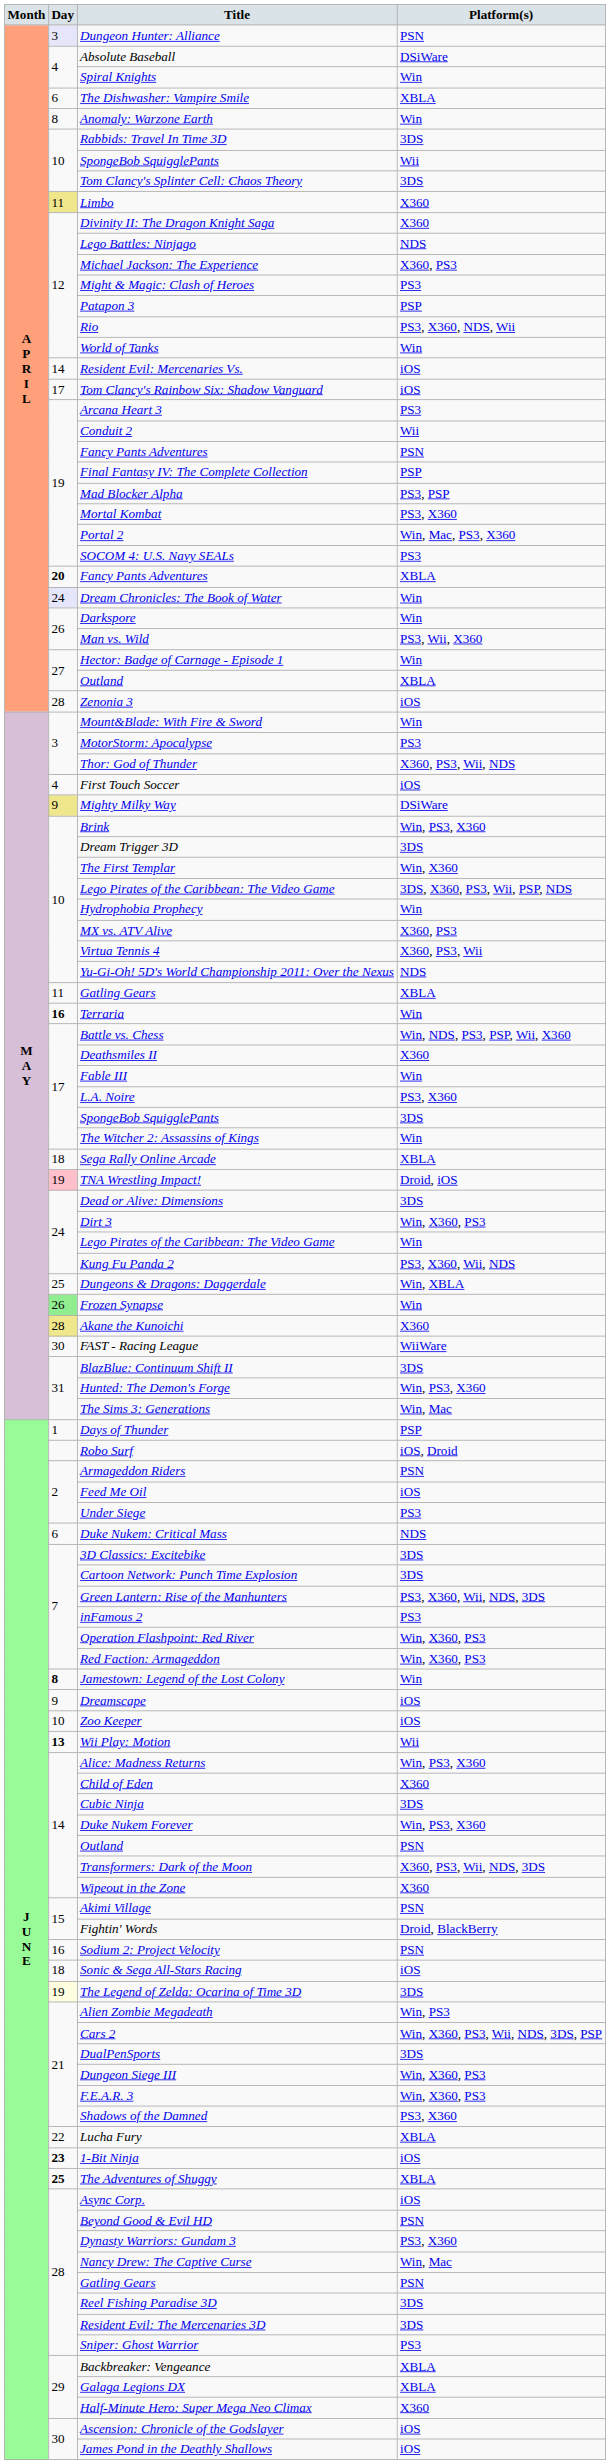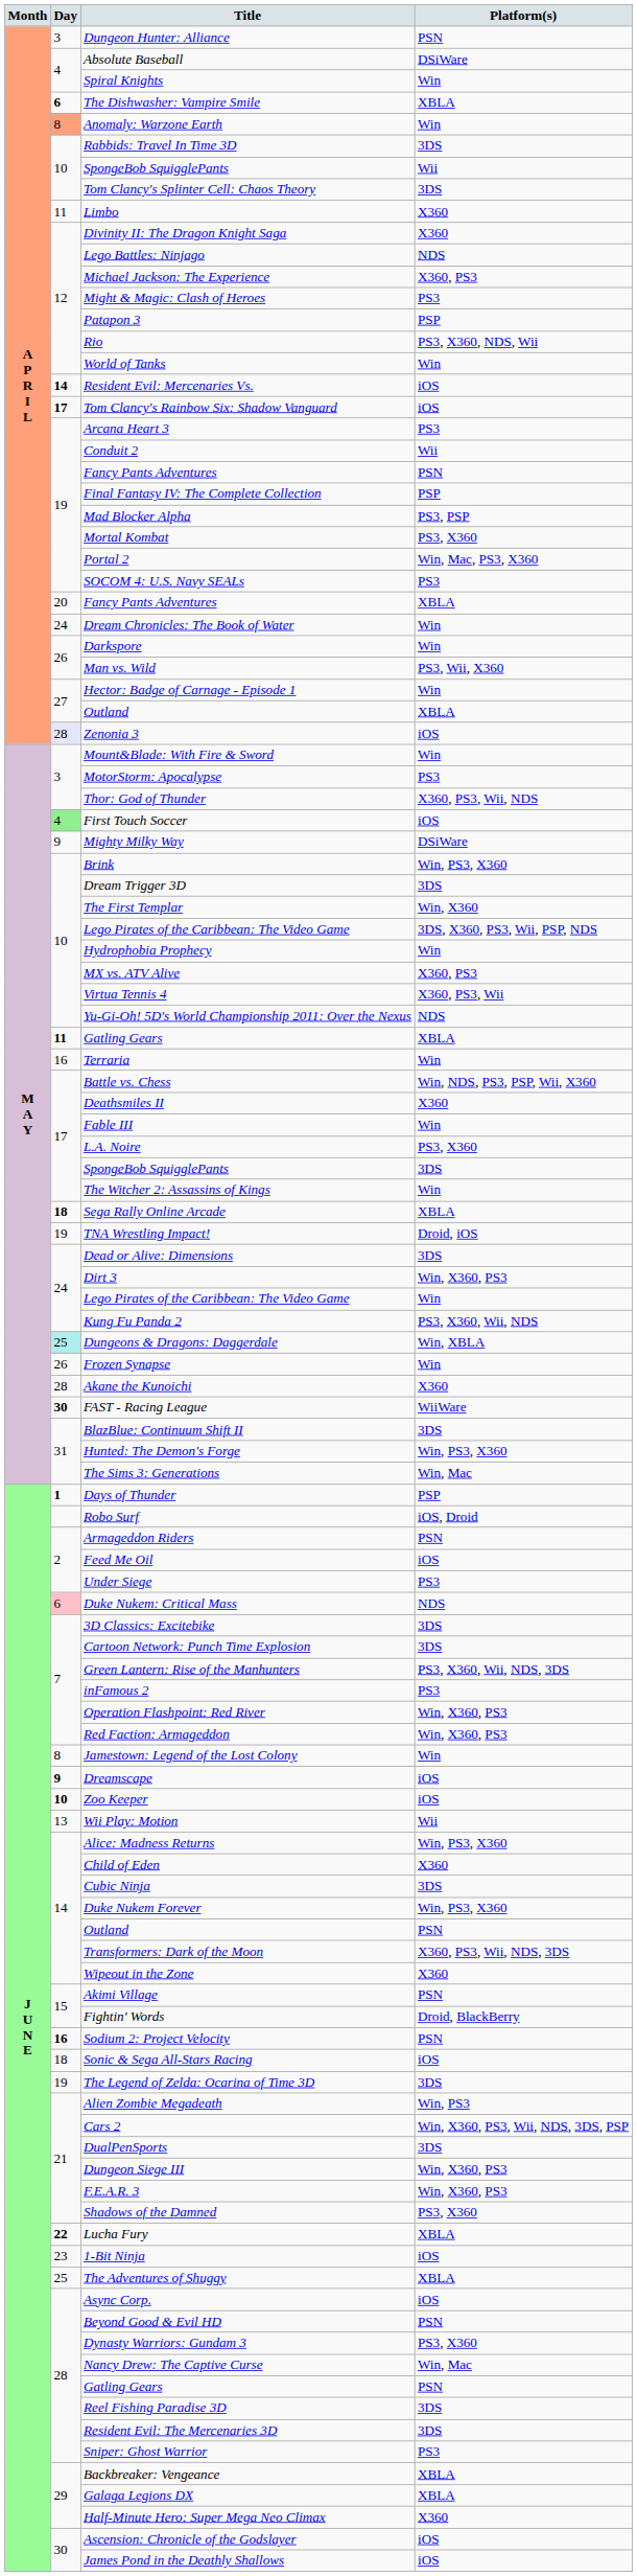 <table class="wikitable">
 <tr style="background:#dae3e7; text-align:center;">
 <td><strong>Month</strong></td>
 <td><strong>Day</strong></td>
 <td><strong>Title</strong></td>
 <td><strong>Platform(s)</strong></td>
 </tr>
 <tr>
 <td rowspan="33" style="text-align:center; background:#ffa07a; textcolor:#000;"><strong>A<br>P<br>R<br>I<br>L</strong></td>
-<td style="background: lavender;">3</td>
+<td>3</td>
 <td><em><a href='#'>Dungeon Hunter: Alliance</a></em></td>
 <td><a href='#'>PSN</a></td>
 </tr>
 <tr>
 <td rowspan="2">4</td>
 <td><em>Absolute Baseball</em></td>
 <td><a href='#'>DSiWare</a></td>
 </tr>
 <tr>
 <td><em><a href='#'>Spiral Knights</a></em></td>
 <td><a href='#'>Win</a></td>
 </tr>
 <tr>
-<td>6</td>
+<td><strong>6</strong></td>
 <td><em><a href='#'>The Dishwasher: Vampire Smile</a></em></td>
 <td><a href='#'>XBLA</a></td>
 </tr>
 <tr>
-<td>8</td>
+<td style="background: lightsalmon;">8</td>
 <td><em><a href='#'>Anomaly: Warzone Earth</a></em></td>
 <td><a href='#'>Win</a></td>
 </tr>
 <tr>
 <td rowspan="3">10</td>
 <td><em><a href='#'>Rabbids: Travel In Time 3D</a></em></td>
 <td><a href='#'>3DS</a></td>
 </tr>
 <tr>
 <td><em><a href='#'>SpongeBob SquigglePants</a></em></td>
 <td><a href='#'>Wii</a></td>
 </tr>
 <tr>
 <td><em><a href='#'>Tom Clancy's Splinter Cell: Chaos Theory</a></em></td>
 <td><a href='#'>3DS</a></td>
 </tr>
 <tr>
-<td style="background: khaki;">11</td>
+<td>11</td>
 <td><em><a href='#'>Limbo</a></em></td>
 <td><a href='#'>X360</a></td>
 </tr>
 <tr>
 <td rowspan="7">12</td>
 <td><em><a href='#'>Divinity II: The Dragon Knight Saga</a></em></td>
 <td><a href='#'>X360</a></td>
 </tr>
 <tr>
 <td><em><a href='#'>Lego Battles: Ninjago</a></em></td>
 <td><a href='#'>NDS</a></td>
 </tr>
 <tr>
 <td><em><a href='#'>Michael Jackson: The Experience</a></em></td>
 <td><a href='#'>X360</a>, <a href='#'>PS3</a></td>
 </tr>
 <tr>
 <td><em><a href='#'>Might & Magic: Clash of Heroes</a></em></td>
 <td><a href='#'>PS3</a></td>
 </tr>
 <tr>
 <td><em><a href='#'>Patapon 3</a></em></td>
 <td><a href='#'>PSP</a></td>
 </tr>
 <tr>
 <td><em><a href='#'>Rio</a></em></td>
 <td><a href='#'>PS3</a>, <a href='#'>X360</a>, <a href='#'>NDS</a>, <a href='#'>Wii</a></td>
 </tr>
 <tr>
 <td><em><a href='#'>World of Tanks</a></em></td>
 <td><a href='#'>Win</a></td>
 </tr>
 <tr>
-<td>14</td>
+<td><strong>14</strong></td>
 <td><em><a href='#'>Resident Evil: Mercenaries Vs.</a></em></td>
 <td><a href='#'>iOS</a></td>
 </tr>
 <tr>
-<td>17</td>
+<td><strong>17</strong></td>
 <td><em><a href='#'>Tom Clancy's Rainbow Six: Shadow Vanguard</a></em></td>
 <td><a href='#'>iOS</a></td>
 </tr>
 <tr>
 <td rowspan="8">19</td>
 <td><em><a href='#'>Arcana Heart 3</a></em></td>
 <td><a href='#'>PS3</a></td>
 </tr>
 <tr>
 <td><em><a href='#'>Conduit 2</a></em></td>
 <td><a href='#'>Wii</a></td>
 </tr>
 <tr>
 <td><em><a href='#'>Fancy Pants Adventures</a></em></td>
 <td><a href='#'>PSN</a></td>
 </tr>
 <tr>
 <td><em><a href='#'>Final Fantasy IV: The Complete Collection</a></em></td>
 <td><a href='#'>PSP</a></td>
 </tr>
 <tr>
 <td><em><a href='#'>Mad Blocker Alpha</a></em></td>
 <td><a href='#'>PS3</a>, <a href='#'>PSP</a></td>
 </tr>
 <tr>
 <td><em><a href='#'>Mortal Kombat</a></em></td>
 <td><a href='#'>PS3</a>, <a href='#'>X360</a></td>
 </tr>
 <tr>
 <td><em><a href='#'>Portal 2</a></em></td>
 <td><a href='#'>Win</a>, <a href='#'>Mac</a>, <a href='#'>PS3</a>, <a href='#'>X360</a></td>
 </tr>
 <tr>
 <td><em><a href='#'>SOCOM 4: U.S. Navy SEALs</a></em></td>
 <td><a href='#'>PS3</a></td>
 </tr>
 <tr>
-<td><strong>20</strong></td>
+<td>20</td>
 <td><em><a href='#'>Fancy Pants Adventures</a></em></td>
 <td><a href='#'>XBLA</a></td>
 </tr>
 <tr>
-<td style="background: lavender;">24</td>
+<td>24</td>
 <td><em><a href='#'>Dream Chronicles: The Book of Water</a></em></td>
 <td><a href='#'>Win</a></td>
 </tr>
 <tr>
 <td rowspan="2">26</td>
 <td><em><a href='#'>Darkspore</a></em></td>
 <td><a href='#'>Win</a></td>
 </tr>
 <tr>
 <td><em><a href='#'>Man vs. Wild</a></em></td>
 <td><a href='#'>PS3</a>, <a href='#'>Wii</a>, <a href='#'>X360</a></td>
 </tr>
 <tr>
 <td rowspan="2">27</td>
 <td><em><a href='#'>Hector: Badge of Carnage - Episode 1</a></em></td>
 <td><a href='#'>Win</a></td>
 </tr>
 <tr>
 <td><em><a href='#'>Outland</a></em></td>
 <td><a href='#'>XBLA</a></td>
 </tr>
 <tr>
-<td>28</td>
+<td style="background: lavender;">28</td>
 <td><em><a href='#'>Zenonia 3</a></em></td>
 <td><a href='#'>iOS</a></td>
 </tr>
 <tr>
 <td rowspan="34" style="text-align:center; background:thistle; textcolor:#000;"><strong>M<br>A<br>Y</strong></td>
 <td rowspan="3">3</td>
 <td><em><a href='#'>Mount&Blade: With Fire & Sword</a></em></td>
 <td><a href='#'>Win</a></td>
 </tr>
 <tr>
 <td><em><a href='#'>MotorStorm: Apocalypse</a></em></td>
 <td><a href='#'>PS3</a></td>
 </tr>
 <tr>
 <td><em><a href='#'>Thor: God of Thunder</a></em></td>
 <td><a href='#'>X360</a>, <a href='#'>PS3</a>, <a href='#'>Wii</a>, <a href='#'>NDS</a></td>
 </tr>
 <tr>
-<td>4</td>
+<td style="background: lightgreen;">4</td>
 <td><em>First Touch Soccer</em></td>
 <td><a href='#'>iOS</a></td>
 </tr>
 <tr>
-<td style="background: khaki;">9</td>
+<td>9</td>
 <td><em><a href='#'>Mighty Milky Way</a></em></td>
 <td><a href='#'>DSiWare</a></td>
 </tr>
 <tr>
 <td rowspan="8">10</td>
 <td><em><a href='#'>Brink</a></em></td>
 <td><a href='#'>Win</a>, <a href='#'>PS3</a>, <a href='#'>X360</a></td>
 </tr>
 <tr>
 <td><em>Dream Trigger 3D</em></td>
 <td><a href='#'>3DS</a></td>
 </tr>
 <tr>
 <td><em><a href='#'>The First Templar</a></em></td>
 <td><a href='#'>Win</a>, <a href='#'>X360</a></td>
 </tr>
 <tr>
 <td><em><a href='#'>Lego Pirates of the Caribbean: The Video Game</a></em></td>
 <td><a href='#'>3DS</a>, <a href='#'>X360</a>, <a href='#'>PS3</a>, <a href='#'>Wii</a>, <a href='#'>PSP</a>, <a href='#'>NDS</a></td>
 </tr>
 <tr>
 <td><em><a href='#'>Hydrophobia Prophecy</a></em></td>
 <td><a href='#'>Win</a></td>
 </tr>
 <tr>
 <td><em><a href='#'>MX vs. ATV Alive</a></em></td>
 <td><a href='#'>X360</a>, <a href='#'>PS3</a></td>
 </tr>
 <tr>
 <td><em><a href='#'>Virtua Tennis 4</a></em></td>
 <td><a href='#'>X360</a>, <a href='#'>PS3</a>, <a href='#'>Wii</a></td>
 </tr>
 <tr>
 <td><em><a href='#'>Yu-Gi-Oh! 5D's World Championship 2011: Over the Nexus</a></em></td>
 <td><a href='#'>NDS</a></td>
 </tr>
 <tr>
-<td>11</td>
+<td><strong>11</strong></td>
 <td><em><a href='#'>Gatling Gears</a></em></td>
 <td><a href='#'>XBLA</a></td>
 </tr>
 <tr>
-<td><strong>16</strong></td>
+<td>16</td>
 <td><em><a href='#'>Terraria</a></em></td>
 <td><a href='#'>Win</a></td>
 </tr>
 <tr>
 <td rowspan="6">17</td>
 <td><em><a href='#'>Battle vs. Chess</a></em></td>
 <td><a href='#'>Win</a>, <a href='#'>NDS</a>, <a href='#'>PS3</a>, <a href='#'>PSP</a>, <a href='#'>Wii</a>, <a href='#'>X360</a></td>
 </tr>
 <tr>
 <td><em><a href='#'>Deathsmiles II</a></em></td>
 <td><a href='#'>X360</a></td>
 </tr>
 <tr>
 <td><em><a href='#'>Fable III</a></em></td>
 <td><a href='#'>Win</a></td>
 </tr>
 <tr>
 <td><em><a href='#'>L.A. Noire</a></em></td>
 <td><a href='#'>PS3</a>, <a href='#'>X360</a></td>
 </tr>
 <tr>
 <td><em><a href='#'>SpongeBob SquigglePants</a></em></td>
 <td><a href='#'>3DS</a></td>
 </tr>
 <tr>
 <td><em><a href='#'>The Witcher 2: Assassins of Kings</a></em></td>
 <td><a href='#'>Win</a></td>
 </tr>
 <tr>
-<td>18</td>
+<td><strong>18</strong></td>
 <td><em><a href='#'>Sega Rally Online Arcade</a></em></td>
 <td><a href='#'>XBLA</a></td>
 </tr>
 <tr>
-<td style="background: pink;">19</td>
+<td>19</td>
 <td><em><a href='#'>TNA Wrestling Impact!</a></em></td>
 <td><a href='#'>Droid</a>, <a href='#'>iOS</a></td>
 </tr>
 <tr>
 <td rowspan="4">24</td>
 <td><em><a href='#'>Dead or Alive: Dimensions</a></em></td>
 <td><a href='#'>3DS</a></td>
 </tr>
 <tr>
 <td><em><a href='#'>Dirt 3</a></em></td>
 <td><a href='#'>Win</a>, <a href='#'>X360</a>, <a href='#'>PS3</a></td>
 </tr>
 <tr>
 <td><em><a href='#'>Lego Pirates of the Caribbean: The Video Game</a></em></td>
 <td><a href='#'>Win</a></td>
 </tr>
 <tr>
 <td><em><a href='#'>Kung Fu Panda 2</a></em></td>
 <td><a href='#'>PS3</a>, <a href='#'>X360</a>, <a href='#'>Wii</a>, <a href='#'>NDS</a></td>
 </tr>
 <tr>
-<td>25</td>
+<td style="background: paleturquoise;">25</td>
 <td><em><a href='#'>Dungeons & Dragons: Daggerdale</a></em></td>
 <td><a href='#'>Win</a>, <a href='#'>XBLA</a></td>
 </tr>
 <tr>
-<td style="background: lightgreen;">26</td>
+<td>26</td>
 <td><em><a href='#'>Frozen Synapse</a></em></td>
 <td><a href='#'>Win</a></td>
 </tr>
 <tr>
-<td style="background: khaki;">28</td>
+<td>28</td>
 <td><em><a href='#'>Akane the Kunoichi</a></em></td>
 <td><a href='#'>X360</a></td>
 </tr>
 <tr>
-<td>30</td>
+<td><strong>30</strong></td>
 <td><em>FAST - Racing League</em></td>
 <td><a href='#'>WiiWare</a></td>
 </tr>
 <tr>
 <td rowspan="3">31</td>
 <td><em><a href='#'>BlazBlue: Continuum Shift II</a></em></td>
 <td><a href='#'>3DS</a></td>
 </tr>
 <tr>
 <td><em><a href='#'>Hunted: The Demon's Forge</a></em></td>
 <td><a href='#'>Win</a>, <a href='#'>PS3</a>, <a href='#'>X360</a></td>
 </tr>
 <tr>
 <td><em><a href='#'>The Sims 3: Generations</a></em></td>
 <td><a href='#'>Win</a>, <a href='#'>Mac</a></td>
 </tr>
 <tr>
 <td rowspan="50" style="text-align:center; background:#98fb98; textcolor:#000;"><strong>J<br>U<br>N<br>E</strong></td>
-<td>1</td>
+<td><strong>1</strong></td>
 <td><em><a href='#'>Days of Thunder</a></em></td>
 <td><a href='#'>PSP</a></td>
 </tr>
 <tr>
 <td></td>
 <td><em><a href='#'>Robo Surf</a></em></td>
 <td><a href='#'>iOS</a>, <a href='#'>Droid</a></td>
 </tr>
 <tr>
 <td rowspan="3">2</td>
 <td><em><a href='#'>Armageddon Riders</a></em></td>
 <td><a href='#'>PSN</a></td>
 </tr>
 <tr>
 <td><em><a href='#'>Feed Me Oil</a></em></td>
 <td><a href='#'>iOS</a></td>
 </tr>
 <tr>
 <td><em><a href='#'>Under Siege</a></em></td>
 <td><a href='#'>PS3</a></td>
 </tr>
 <tr>
-<td>6</td>
+<td style="background: pink;">6</td>
 <td><em><a href='#'>Duke Nukem: Critical Mass</a></em></td>
 <td><a href='#'>NDS</a></td>
 </tr>
 <tr>
 <td rowspan="6">7</td>
 <td><em><a href='#'>3D Classics: Excitebike</a></em></td>
 <td><a href='#'>3DS</a></td>
 </tr>
 <tr>
 <td><em><a href='#'>Cartoon Network: Punch Time Explosion</a></em></td>
 <td><a href='#'>3DS</a></td>
 </tr>
 <tr>
 <td><em><a href='#'>Green Lantern: Rise of the Manhunters</a></em></td>
 <td><a href='#'>PS3</a>, <a href='#'>X360</a>, <a href='#'>Wii</a>, <a href='#'>NDS</a>, <a href='#'>3DS</a></td>
 </tr>
 <tr>
 <td><em><a href='#'>inFamous 2</a></em></td>
 <td><a href='#'>PS3</a></td>
 </tr>
 <tr>
 <td><em><a href='#'>Operation Flashpoint: Red River</a></em></td>
 <td><a href='#'>Win</a>, <a href='#'>X360</a>, <a href='#'>PS3</a></td>
 </tr>
 <tr>
 <td><em><a href='#'>Red Faction: Armageddon</a></em></td>
 <td><a href='#'>Win</a>, <a href='#'>X360</a>, <a href='#'>PS3</a></td>
 </tr>
 <tr>
-<td><strong>8</strong></td>
+<td>8</td>
 <td><em><a href='#'>Jamestown: Legend of the Lost Colony</a></em></td>
 <td><a href='#'>Win</a></td>
 </tr>
 <tr>
-<td rowspan="1">9</td>
+<td rowspan="1"><strong>9</strong></td>
 <td><em><a href='#'>Dreamscape</a></em></td>
 <td><a href='#'>iOS</a></td>
 </tr>
 <tr>
-<td>10</td>
+<td><strong>10</strong></td>
 <td><em><a href='#'>Zoo Keeper</a></em></td>
 <td><a href='#'>iOS</a></td>
 </tr>
 <tr>
-<td><strong>13</strong></td>
+<td>13</td>
 <td><em><a href='#'>Wii Play: Motion</a></em></td>
 <td><a href='#'>Wii</a></td>
 </tr>
 <tr>
 <td rowspan="7">14</td>
 <td><em><a href='#'>Alice: Madness Returns</a></em></td>
 <td><a href='#'>Win</a>, <a href='#'>PS3</a>, <a href='#'>X360</a></td>
 </tr>
 <tr>
 <td><em><a href='#'>Child of Eden</a></em></td>
 <td><a href='#'>X360</a></td>
 </tr>
 <tr>
 <td><em><a href='#'>Cubic Ninja</a></em></td>
 <td><a href='#'>3DS</a></td>
 </tr>
 <tr>
 <td><em><a href='#'>Duke Nukem Forever</a></em></td>
 <td><a href='#'>Win</a>, <a href='#'>PS3</a>, <a href='#'>X360</a></td>
 </tr>
 <tr>
 <td><em><a href='#'>Outland</a></em></td>
 <td><a href='#'>PSN</a></td>
 </tr>
 <tr>
 <td><em><a href='#'>Transformers: Dark of the Moon</a></em></td>
 <td><a href='#'>X360</a>, <a href='#'>PS3</a>, <a href='#'>Wii</a>, <a href='#'>NDS</a>, <a href='#'>3DS</a></td>
 </tr>
 <tr>
 <td><em><a href='#'>Wipeout in the Zone</a></em></td>
 <td><a href='#'>X360</a></td>
 </tr>
 <tr>
 <td rowspan="2">15</td>
 <td><em><a href='#'>Akimi Village</a></em></td>
 <td><a href='#'>PSN</a></td>
 </tr>
 <tr>
 <td><em>Fightin' Words</em></td>
 <td><a href='#'>Droid</a>, <a href='#'>BlackBerry</a></td>
 </tr>
 <tr>
-<td>16</td>
+<td><strong>16</strong></td>
 <td><em><a href='#'>Sodium 2: Project Velocity</a></em></td>
 <td><a href='#'>PSN</a></td>
 </tr>
 <tr>
 <td>18</td>
 <td><em><a href='#'>Sonic & Sega All-Stars Racing</a></em></td>
 <td><a href='#'>iOS</a></td>
 </tr>
 <tr>
-<td style="background: lightyellow;">19</td>
+<td>19</td>
 <td><em><a href='#'>The Legend of Zelda: Ocarina of Time 3D</a></em></td>
 <td><a href='#'>3DS</a></td>
 </tr>
 <tr>
 <td rowspan="6">21</td>
 <td><em><a href='#'>Alien Zombie Megadeath</a></em></td>
 <td><a href='#'>Win</a>, <a href='#'>PS3</a></td>
 </tr>
 <tr>
 <td><em><a href='#'>Cars 2</a></em></td>
 <td><a href='#'>Win</a>, <a href='#'>X360</a>, <a href='#'>PS3</a>, <a href='#'>Wii</a>, <a href='#'>NDS</a>, <a href='#'>3DS</a>, <a href='#'>PSP</a></td>
 </tr>
 <tr>
 <td><em><a href='#'>DualPenSports</a></em></td>
 <td><a href='#'>3DS</a></td>
 </tr>
 <tr>
 <td><em><a href='#'>Dungeon Siege III</a></em></td>
 <td><a href='#'>Win</a>, <a href='#'>X360</a>, <a href='#'>PS3</a></td>
 </tr>
 <tr>
 <td><em><a href='#'>F.E.A.R. 3</a></em></td>
 <td><a href='#'>Win</a>, <a href='#'>X360</a>, <a href='#'>PS3</a></td>
 </tr>
 <tr>
 <td><em><a href='#'>Shadows of the Damned</a></em></td>
 <td><a href='#'>PS3</a>, <a href='#'>X360</a></td>
 </tr>
 <tr>
-<td>22</td>
+<td><strong>22</strong></td>
 <td><em>Lucha Fury</em></td>
 <td><a href='#'>XBLA</a></td>
 </tr>
 <tr>
-<td><strong>23</strong></td>
+<td>23</td>
 <td><em><a href='#'>1-Bit Ninja</a></em></td>
 <td><a href='#'>iOS</a></td>
 </tr>
 <tr>
-<td><strong>25</strong></td>
+<td>25</td>
 <td><em><a href='#'>The Adventures of Shuggy</a></em></td>
 <td><a href='#'>XBLA</a></td>
 </tr>
 <tr>
 <td rowspan="8">28</td>
 <td><em><a href='#'>Async Corp.</a></em></td>
 <td><a href='#'>iOS</a></td>
 </tr>
 <tr>
 <td><em><a href='#'>Beyond Good & Evil HD</a></em></td>
 <td><a href='#'>PSN</a></td>
 </tr>
 <tr>
 <td><em><a href='#'>Dynasty Warriors: Gundam 3</a></em></td>
 <td><a href='#'>PS3</a>, <a href='#'>X360</a></td>
 </tr>
 <tr>
 <td><em><a href='#'>Nancy Drew: The Captive Curse</a></em></td>
 <td><a href='#'>Win</a>, <a href='#'>Mac</a></td>
 </tr>
 <tr>
 <td><em><a href='#'>Gatling Gears</a></em></td>
 <td><a href='#'>PSN</a></td>
 </tr>
 <tr>
 <td><em><a href='#'>Reel Fishing Paradise 3D</a></em></td>
 <td><a href='#'>3DS</a></td>
 </tr>
 <tr>
 <td><em><a href='#'>Resident Evil: The Mercenaries 3D</a></em></td>
 <td><a href='#'>3DS</a></td>
 </tr>
 <tr>
 <td><em><a href='#'>Sniper: Ghost Warrior</a></em></td>
 <td><a href='#'>PS3</a></td>
 </tr>
 <tr>
 <td rowspan="3">29</td>
 <td><em>Backbreaker: Vengeance</em></td>
 <td><a href='#'>XBLA</a></td>
 </tr>
 <tr>
 <td><em><a href='#'>Galaga Legions DX</a></em></td>
 <td><a href='#'>XBLA</a></td>
 </tr>
 <tr>
 <td><em><a href='#'>Half-Minute Hero: Super Mega Neo Climax</a></em></td>
 <td><a href='#'>X360</a></td>
 </tr>
 <tr>
 <td rowspan="2">30</td>
 <td><em><a href='#'>Ascension: Chronicle of the Godslayer</a></em></td>
 <td><a href='#'>iOS</a></td>
 </tr>
 <tr>
 <td><em><a href='#'>James Pond in the Deathly Shallows</a></em></td>
 <td><a href='#'>iOS</a></td>
 </tr>
 </table>
